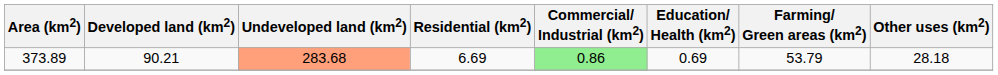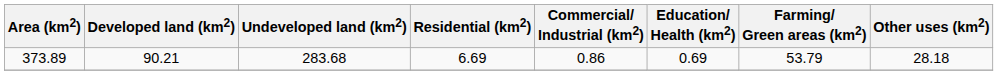 <table class="wikitable" style="text-align: center;">
 <tr>
 <th>Area (km<sup>2</sup>)</th>
 <th>Developed land (km<sup>2</sup>)</th>
 <th>Undeveloped land (km<sup>2</sup>)</th>
 <th>Residential (km<sup>2</sup>)</th>
 <th>Commercial/<br> Industrial (km<sup>2</sup>)</th>
 <th>Education/<br> Health (km<sup>2</sup>)</th>
 <th>Farming/<br> Green areas (km<sup>2</sup>)</th>
 <th>Other uses (km<sup>2</sup>)</th>
 </tr>
 <tr>
 <td>373.89</td>
 <td>90.21</td>
-<td style="background: lightsalmon;">283.68</td>
+<td>283.68</td>
 <td>6.69</td>
-<td style="background: lightgreen;">0.86</td>
+<td>0.86</td>
 <td>0.69</td>
 <td>53.79</td>
 <td>28.18</td>
 </tr>
 <tr>
 </tr>
 </table>
